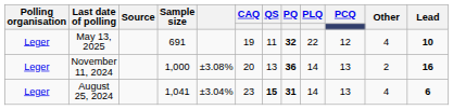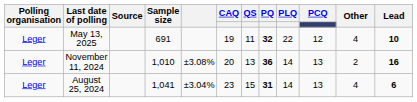 <table class="wikitable sortable mw-datatable" style="text-align:center;font-size:85%;line-height:14px">
 <tr>
 <th rowspan="2">Polling organisation</th>
 <th rowspan="2">Last date of polling</th>
 <th rowspan="2">Source</th>
 <th rowspan="2">Sample size</th>
 <th rowspan="2"></th>
 <th><a href='#'>CAQ</a></th>
 <th><a href='#'>QS</a></th>
 <th><a href='#'>PQ</a></th>
 <th><a href='#'>PLQ</a></th>
 <th><a href='#'>PCQ</a></th>
 <th style="width:60px;" rowspan="2">Other</th>
 <th style="width:60px;" rowspan="2">Lead</th>
 </tr>
 <tr class="sorttop">
 <th style="background-color:"></th>
 <th style="background-color:"></th>
 <th style="background-color:"></th>
 <th style="background-color:"></th>
 <th style="background-color:#313E6B; width:60px;"></th>
 </tr>
 <tr>
 <td><a href='#'>Leger</a></td>
 <td>May 13, 2025</td>
 <td></td>
 <td>691</td>
 <td></td>
 <td>19</td>
 <td>11</td>
 <td style="background-color:"><strong>32</strong></td>
 <td>22</td>
 <td>12</td>
 <td>4</td>
 <td style="background-color:"><strong>10</strong></td>
 </tr>
 <tr>
 <td><a href='#'>Leger</a></td>
 <td>November 11, 2024</td>
 <td></td>
-<td>1,000</td>
+<td>1,010</td>
 <td>±3.08%</td>
 <td>20</td>
 <td>13</td>
 <td style="background-color:"><strong>36</strong></td>
 <td>14</td>
 <td>13</td>
 <td>2</td>
 <td style="background-color:"><strong>16</strong></td>
 </tr>
 <tr>
 <td><a href='#'>Leger</a></td>
 <td>August 25, 2024</td>
 <td></td>
 <td>1,041</td>
 <td>±3.04%</td>
 <td>23</td>
-<td><strong>15</strong></td>
+<td>15</td>
 <td style="background-color:"><strong>31</strong></td>
 <td>14</td>
 <td>13</td>
 <td>4</td>
 <td style="background-color:"><strong>6</strong></td>
 </tr>
 </table>
